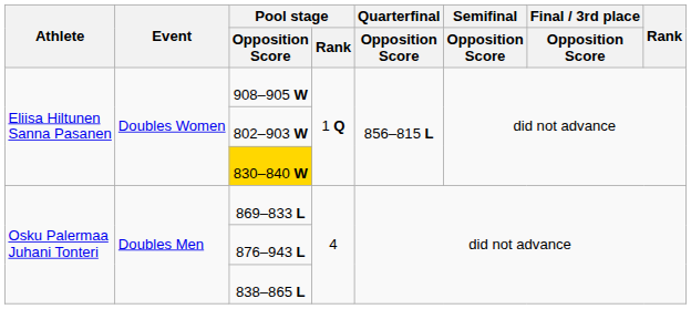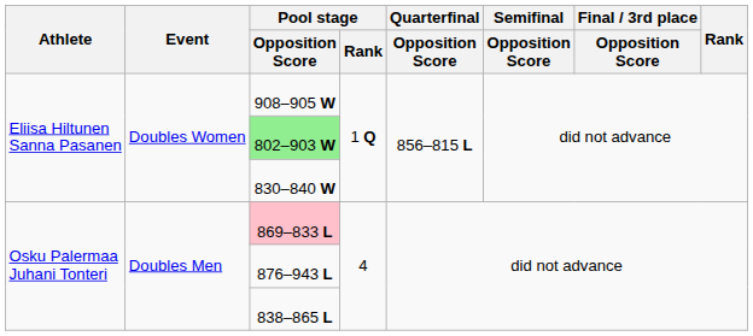 <table class="wikitable">
 <tr>
 <th rowspan=2>Athlete</th>
 <th rowspan=2>Event</th>
 <th colspan=2>Pool stage</th>
 <th>Quarterfinal</th>
 <th>Semifinal</th>
 <th>Final / 3rd place</th>
 <th rowspan=2>Rank</th>
 </tr>
 <tr>
 <th>Opposition<br>Score</th>
 <th>Rank</th>
 <th>Opposition<br>Score</th>
 <th>Opposition<br>Score</th>
 <th>Opposition<br>Score</th>
 </tr>
 <tr align=center>
 <td align=left rowspan=3><a href='#'>Eliisa Hiltunen</a><br><a href='#'>Sanna Pasanen</a></td>
 <td align=left rowspan=3><a href='#'>Doubles Women</a></td>
 <td><br>908–905 <strong>W</strong></td>
 <td rowspan=3>1 <strong>Q</strong></td>
 <td rowspan=3><br>856–815 <strong>L</strong></td>
 <td rowspan=3 colspan=3>did not advance</td>
 </tr>
 <tr align=center>
-<td><br>802–903 <strong>W</strong></td>
+<td style="background: lightgreen;"><br>802–903 <strong>W</strong></td>
 </tr>
 <tr align=center>
-<td style="background: gold;"><br>830–840 <strong>W</strong></td>
+<td><br>830–840 <strong>W</strong></td>
 </tr>
 <tr align=center>
 <td align=left rowspan=3><a href='#'>Osku Palermaa</a><br><a href='#'>Juhani Tonteri</a></td>
 <td align=left rowspan=3><a href='#'>Doubles Men</a></td>
-<td><br>869–833 <strong>L</strong></td>
+<td style="background: pink;"><br>869–833 <strong>L</strong></td>
 <td rowspan=3>4</td>
 <td rowspan=3 colspan=4>did not advance</td>
 </tr>
 <tr align=center>
 <td><br>876–943 <strong>L</strong></td>
 </tr>
 <tr align=center>
 <td><br>838–865 <strong>L</strong></td>
 </tr>
 </table>
